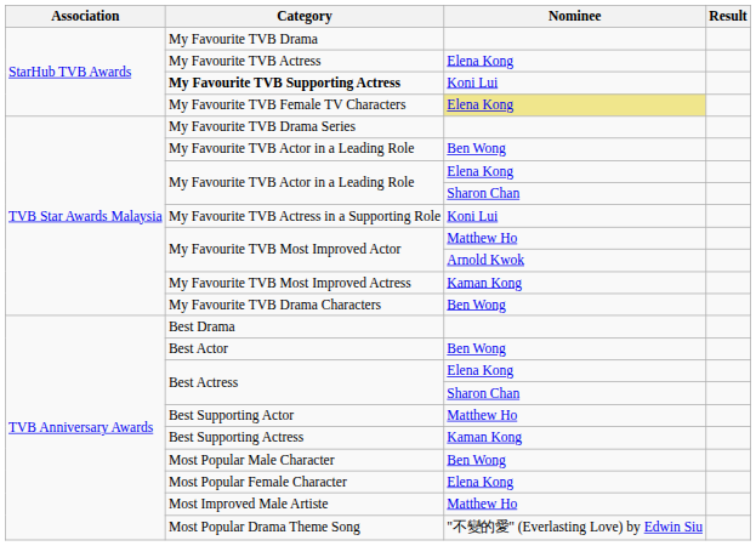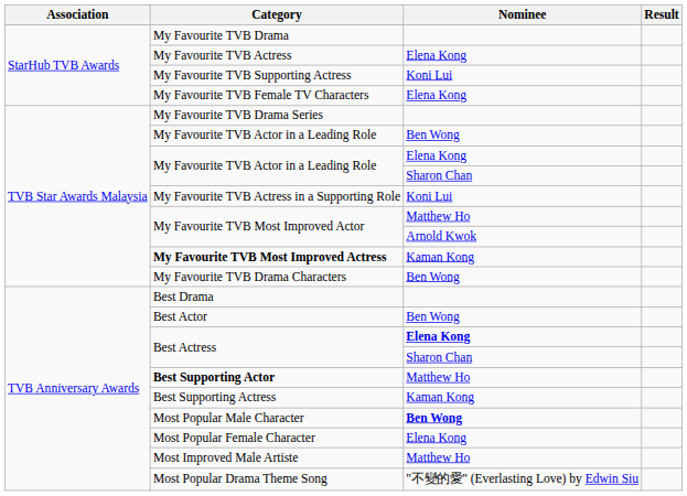 <table class="wikitable sortable">
 <tr>
 <th>Association</th>
 <th>Category</th>
 <th>Nominee</th>
 <th>Result</th>
 </tr>
 <tr>
 <td rowspan=4><a href='#'>StarHub TVB Awards</a></td>
 <td>My Favourite TVB Drama</td>
 <td></td>
 <td></td>
 </tr>
 <tr>
 <td>My Favourite TVB Actress</td>
 <td><a href='#'>Elena Kong</a></td>
 <td></td>
 </tr>
 <tr>
-<td><strong>My Favourite TVB Supporting Actress</strong></td>
+<td>My Favourite TVB Supporting Actress</td>
 <td><a href='#'>Koni Lui</a></td>
 <td></td>
 </tr>
 <tr>
 <td>My Favourite TVB Female TV Characters</td>
-<td style="background: khaki;"><a href='#'>Elena Kong</a></td>
+<td><a href='#'>Elena Kong</a></td>
 <td></td>
 </tr>
 <tr>
 <td rowspan=9><a href='#'>TVB Star Awards Malaysia</a></td>
 <td>My Favourite TVB Drama Series</td>
 <td></td>
 <td></td>
 </tr>
 <tr>
 <td>My Favourite TVB Actor in a Leading Role</td>
 <td><a href='#'>Ben Wong</a></td>
 <td></td>
 </tr>
 <tr>
 <td rowspan=2>My Favourite TVB Actor in a Leading Role</td>
 <td><a href='#'>Elena Kong</a></td>
 <td></td>
 </tr>
 <tr>
 <td><a href='#'>Sharon Chan</a></td>
 <td></td>
 </tr>
 <tr>
 <td>My Favourite TVB Actress in a Supporting Role</td>
 <td><a href='#'>Koni Lui</a></td>
 <td></td>
 </tr>
 <tr>
 <td rowspan=2>My Favourite TVB Most Improved Actor</td>
 <td><a href='#'>Matthew Ho</a></td>
 <td></td>
 </tr>
 <tr>
 <td><a href='#'>Arnold Kwok</a></td>
 <td></td>
 </tr>
 <tr>
-<td>My Favourite TVB Most Improved Actress</td>
+<td><strong>My Favourite TVB Most Improved Actress</strong></td>
 <td><a href='#'>Kaman Kong</a></td>
 <td></td>
 </tr>
 <tr>
 <td>My Favourite TVB Drama Characters</td>
 <td><a href='#'>Ben Wong</a></td>
 <td></td>
 </tr>
 <tr>
 <td rowspan=11><a href='#'>TVB Anniversary Awards</a></td>
 <td>Best Drama</td>
 <td></td>
 <td></td>
 </tr>
 <tr>
 <td>Best Actor</td>
 <td><a href='#'>Ben Wong</a></td>
 <td></td>
 </tr>
 <tr>
 <td rowspan=2>Best Actress</td>
-<td><a href='#'>Elena Kong</a></td>
+<td><strong><a href='#'>Elena Kong</a></strong></td>
 <td></td>
 </tr>
 <tr>
 <td><a href='#'>Sharon Chan</a></td>
 <td></td>
 </tr>
 <tr>
-<td>Best Supporting Actor</td>
+<td><strong>Best Supporting Actor</strong></td>
 <td><a href='#'>Matthew Ho</a></td>
 <td></td>
 </tr>
 <tr>
 <td>Best Supporting Actress</td>
 <td><a href='#'>Kaman Kong</a></td>
 <td></td>
 </tr>
 <tr>
 <td>Most Popular Male Character</td>
-<td><a href='#'>Ben Wong</a></td>
+<td><strong><a href='#'>Ben Wong</a></strong></td>
 <td></td>
 </tr>
 <tr>
 <td>Most Popular Female Character</td>
 <td><a href='#'>Elena Kong</a></td>
 <td></td>
 </tr>
 <tr>
 <td>Most Improved Male Artiste</td>
 <td><a href='#'>Matthew Ho</a></td>
 <td></td>
 </tr>
 <tr>
 <td>Most Popular Drama Theme Song</td>
 <td>"不變的愛" (Everlasting Love) by <a href='#'>Edwin Siu</a></td>
 <td></td>
 </tr>
 </table>
